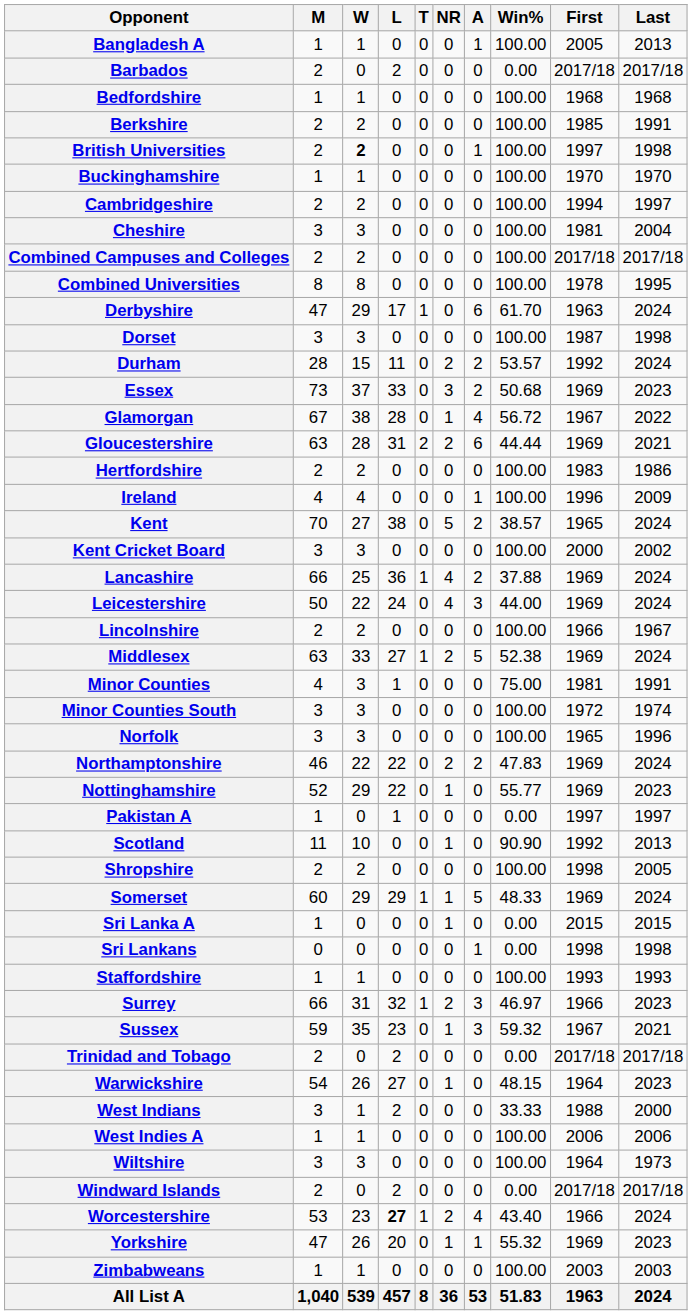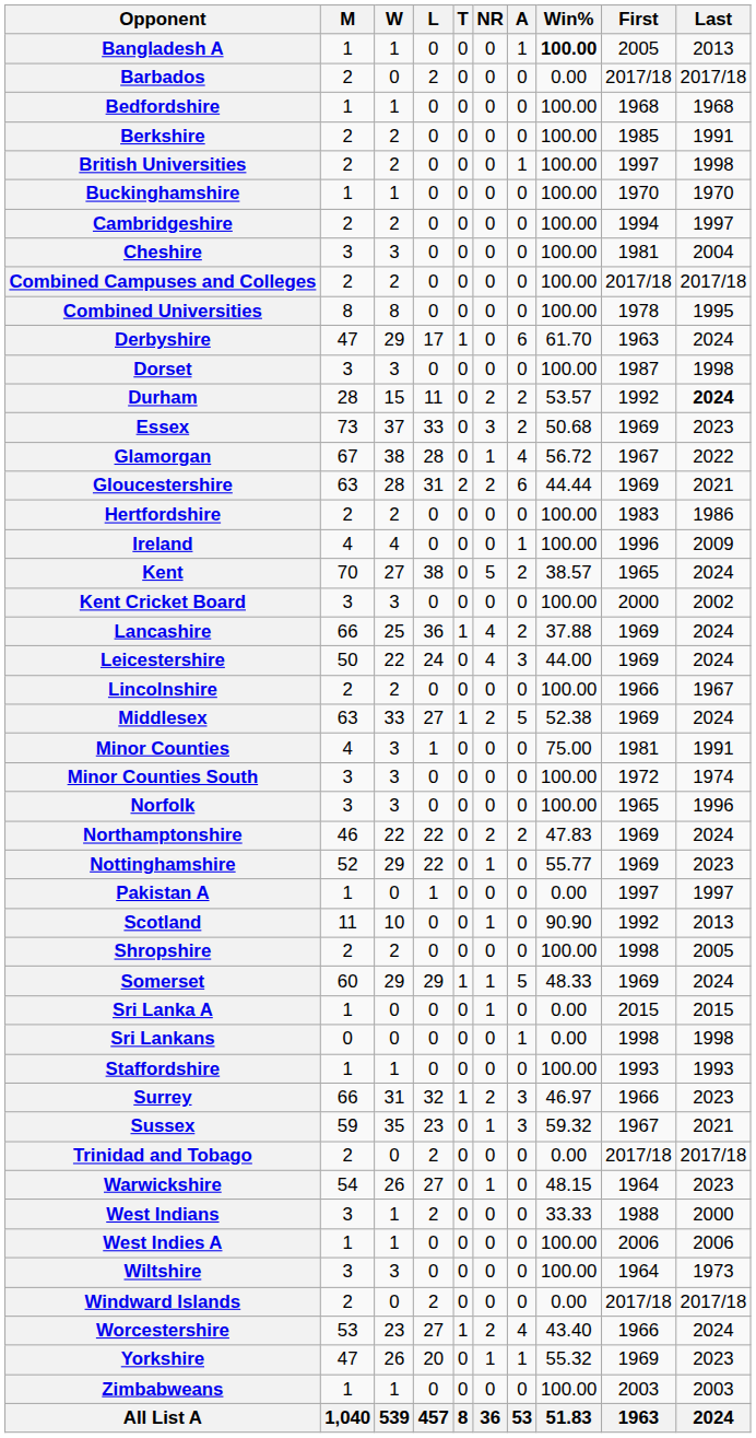 <table class="wikitable plainrowheaders sortable" style="text-align:center">
 <tr>
 <th scope="col">Opponent</th>
 <th scope="col">M</th>
 <th scope="col">W</th>
 <th scope="col">L</th>
 <th scope="col">T</th>
 <th scope="col">NR</th>
 <th scope="col">A</th>
 <th scope="col">Win%</th>
 <th scope="col">First</th>
 <th scope="col">Last</th>
 </tr>
 <tr>
 <th scope="row"><a href='#'>Bangladesh A</a></th>
 <td>1</td>
 <td>1</td>
 <td>0</td>
 <td>0</td>
 <td>0</td>
 <td>1</td>
-<td>100.00</td>
+<td><strong>100.00</strong></td>
 <td>2005</td>
 <td>2013</td>
 </tr>
 <tr>
 <th scope="row"><a href='#'>Barbados</a></th>
 <td>2</td>
 <td>0</td>
 <td>2</td>
 <td>0</td>
 <td>0</td>
 <td>0</td>
 <td>0.00</td>
 <td>2017/18</td>
 <td>2017/18</td>
 </tr>
 <tr>
 <th scope="row"><a href='#'>Bedfordshire</a></th>
 <td>1</td>
 <td>1</td>
 <td>0</td>
 <td>0</td>
 <td>0</td>
 <td>0</td>
 <td>100.00</td>
 <td>1968</td>
 <td>1968</td>
 </tr>
 <tr>
 <th scope="row"><a href='#'>Berkshire</a></th>
 <td>2</td>
 <td>2</td>
 <td>0</td>
 <td>0</td>
 <td>0</td>
 <td>0</td>
 <td>100.00</td>
 <td>1985</td>
 <td>1991</td>
 </tr>
 <tr>
 <th scope="row"><a href='#'>British Universities</a></th>
 <td>2</td>
-<td><strong>2</strong></td>
+<td>2</td>
 <td>0</td>
 <td>0</td>
 <td>0</td>
 <td>1</td>
 <td>100.00</td>
 <td>1997</td>
 <td>1998</td>
 </tr>
 <tr>
 <th scope="row"><a href='#'>Buckinghamshire</a></th>
 <td>1</td>
 <td>1</td>
 <td>0</td>
 <td>0</td>
 <td>0</td>
 <td>0</td>
 <td>100.00</td>
 <td>1970</td>
 <td>1970</td>
 </tr>
 <tr>
 <th scope="row"><a href='#'>Cambridgeshire</a></th>
 <td>2</td>
 <td>2</td>
 <td>0</td>
 <td>0</td>
 <td>0</td>
 <td>0</td>
 <td>100.00</td>
 <td>1994</td>
 <td>1997</td>
 </tr>
 <tr>
 <th scope="row"><a href='#'>Cheshire</a></th>
 <td>3</td>
 <td>3</td>
 <td>0</td>
 <td>0</td>
 <td>0</td>
 <td>0</td>
 <td>100.00</td>
 <td>1981</td>
 <td>2004</td>
 </tr>
 <tr>
 <th scope="row"><a href='#'>Combined Campuses and Colleges</a></th>
 <td>2</td>
 <td>2</td>
 <td>0</td>
 <td>0</td>
 <td>0</td>
 <td>0</td>
 <td>100.00</td>
 <td>2017/18</td>
 <td>2017/18</td>
 </tr>
 <tr>
 <th scope="row"><a href='#'>Combined Universities</a></th>
 <td>8</td>
 <td>8</td>
 <td>0</td>
 <td>0</td>
 <td>0</td>
 <td>0</td>
 <td>100.00</td>
 <td>1978</td>
 <td>1995</td>
 </tr>
 <tr>
 <th scope="row"><a href='#'>Derbyshire</a></th>
 <td>47</td>
 <td>29</td>
 <td>17</td>
 <td>1</td>
 <td>0</td>
 <td>6</td>
 <td>61.70</td>
 <td>1963</td>
 <td>2024</td>
 </tr>
 <tr>
 <th scope="row"><a href='#'>Dorset</a></th>
 <td>3</td>
 <td>3</td>
 <td>0</td>
 <td>0</td>
 <td>0</td>
 <td>0</td>
 <td>100.00</td>
 <td>1987</td>
 <td>1998</td>
 </tr>
 <tr>
 <th scope="row"><a href='#'>Durham</a></th>
 <td>28</td>
 <td>15</td>
 <td>11</td>
 <td>0</td>
 <td>2</td>
 <td>2</td>
 <td>53.57</td>
 <td>1992</td>
-<td>2024</td>
+<td><strong>2024</strong></td>
 </tr>
 <tr>
 <th scope="row"><a href='#'>Essex</a></th>
 <td>73</td>
 <td>37</td>
 <td>33</td>
 <td>0</td>
 <td>3</td>
 <td>2</td>
 <td>50.68</td>
 <td>1969</td>
 <td>2023</td>
 </tr>
 <tr>
 <th scope="row"><a href='#'>Glamorgan</a></th>
 <td>67</td>
 <td>38</td>
 <td>28</td>
 <td>0</td>
 <td>1</td>
 <td>4</td>
 <td>56.72</td>
 <td>1967</td>
 <td>2022</td>
 </tr>
 <tr>
 <th scope="row"><a href='#'>Gloucestershire</a></th>
 <td>63</td>
 <td>28</td>
 <td>31</td>
 <td>2</td>
 <td>2</td>
 <td>6</td>
 <td>44.44</td>
 <td>1969</td>
 <td>2021</td>
 </tr>
 <tr>
 <th scope="row"><a href='#'>Hertfordshire</a></th>
 <td>2</td>
 <td>2</td>
 <td>0</td>
 <td>0</td>
 <td>0</td>
 <td>0</td>
 <td>100.00</td>
 <td>1983</td>
 <td>1986</td>
 </tr>
 <tr>
 <th scope="row"><a href='#'>Ireland</a></th>
 <td>4</td>
 <td>4</td>
 <td>0</td>
 <td>0</td>
 <td>0</td>
 <td>1</td>
 <td>100.00</td>
 <td>1996</td>
 <td>2009</td>
 </tr>
 <tr>
 <th scope="row"><a href='#'>Kent</a></th>
 <td>70</td>
 <td>27</td>
 <td>38</td>
 <td>0</td>
 <td>5</td>
 <td>2</td>
 <td>38.57</td>
 <td>1965</td>
 <td>2024</td>
 </tr>
 <tr>
 <th scope="row"><a href='#'>Kent Cricket Board</a></th>
 <td>3</td>
 <td>3</td>
 <td>0</td>
 <td>0</td>
 <td>0</td>
 <td>0</td>
 <td>100.00</td>
 <td>2000</td>
 <td>2002</td>
 </tr>
 <tr>
 <th scope="row"><a href='#'>Lancashire</a></th>
 <td>66</td>
 <td>25</td>
 <td>36</td>
 <td>1</td>
 <td>4</td>
 <td>2</td>
 <td>37.88</td>
 <td>1969</td>
 <td>2024</td>
 </tr>
 <tr>
 <th scope="row"><a href='#'>Leicestershire</a></th>
 <td>50</td>
 <td>22</td>
 <td>24</td>
 <td>0</td>
 <td>4</td>
 <td>3</td>
 <td>44.00</td>
 <td>1969</td>
 <td>2024</td>
 </tr>
 <tr>
 <th scope="row"><a href='#'>Lincolnshire</a></th>
 <td>2</td>
 <td>2</td>
 <td>0</td>
 <td>0</td>
 <td>0</td>
 <td>0</td>
 <td>100.00</td>
 <td>1966</td>
 <td>1967</td>
 </tr>
 <tr>
 <th scope="row"><a href='#'>Middlesex</a></th>
 <td>63</td>
 <td>33</td>
 <td>27</td>
 <td>1</td>
 <td>2</td>
 <td>5</td>
 <td>52.38</td>
 <td>1969</td>
 <td>2024</td>
 </tr>
 <tr>
 <th scope="row"><a href='#'>Minor Counties</a></th>
 <td>4</td>
 <td>3</td>
 <td>1</td>
 <td>0</td>
 <td>0</td>
 <td>0</td>
 <td>75.00</td>
 <td>1981</td>
 <td>1991</td>
 </tr>
 <tr>
 <th scope="row"><a href='#'>Minor Counties South</a></th>
 <td>3</td>
 <td>3</td>
 <td>0</td>
 <td>0</td>
 <td>0</td>
 <td>0</td>
 <td>100.00</td>
 <td>1972</td>
 <td>1974</td>
 </tr>
 <tr>
 <th scope="row"><a href='#'>Norfolk</a></th>
 <td>3</td>
 <td>3</td>
 <td>0</td>
 <td>0</td>
 <td>0</td>
 <td>0</td>
 <td>100.00</td>
 <td>1965</td>
 <td>1996</td>
 </tr>
 <tr>
 <th scope="row"><a href='#'>Northamptonshire</a></th>
 <td>46</td>
 <td>22</td>
 <td>22</td>
 <td>0</td>
 <td>2</td>
 <td>2</td>
 <td>47.83</td>
 <td>1969</td>
 <td>2024</td>
 </tr>
 <tr>
 <th scope="row"><a href='#'>Nottinghamshire</a></th>
 <td>52</td>
 <td>29</td>
 <td>22</td>
 <td>0</td>
 <td>1</td>
 <td>0</td>
 <td>55.77</td>
 <td>1969</td>
 <td>2023</td>
 </tr>
 <tr>
 <th scope="row"><a href='#'>Pakistan A</a></th>
 <td>1</td>
 <td>0</td>
 <td>1</td>
 <td>0</td>
 <td>0</td>
 <td>0</td>
 <td>0.00</td>
 <td>1997</td>
 <td>1997</td>
 </tr>
 <tr>
 <th scope="row"><a href='#'>Scotland</a></th>
 <td>11</td>
 <td>10</td>
 <td>0</td>
 <td>0</td>
 <td>1</td>
 <td>0</td>
 <td>90.90</td>
 <td>1992</td>
 <td>2013</td>
 </tr>
 <tr>
 <th scope="row"><a href='#'>Shropshire</a></th>
 <td>2</td>
 <td>2</td>
 <td>0</td>
 <td>0</td>
 <td>0</td>
 <td>0</td>
 <td>100.00</td>
 <td>1998</td>
 <td>2005</td>
 </tr>
 <tr>
 <th scope="row"><a href='#'>Somerset</a></th>
 <td>60</td>
 <td>29</td>
 <td>29</td>
 <td>1</td>
 <td>1</td>
 <td>5</td>
 <td>48.33</td>
 <td>1969</td>
 <td>2024</td>
 </tr>
 <tr>
 <th scope="row"><a href='#'>Sri Lanka A</a></th>
 <td>1</td>
 <td>0</td>
 <td>0</td>
 <td>0</td>
 <td>1</td>
 <td>0</td>
 <td>0.00</td>
 <td>2015</td>
 <td>2015</td>
 </tr>
 <tr>
 <th scope="row"><a href='#'>Sri Lankans</a></th>
 <td>0</td>
 <td>0</td>
 <td>0</td>
 <td>0</td>
 <td>0</td>
 <td>1</td>
 <td>0.00</td>
 <td>1998</td>
 <td>1998</td>
 </tr>
 <tr>
 <th scope="row"><a href='#'>Staffordshire</a></th>
 <td>1</td>
 <td>1</td>
 <td>0</td>
 <td>0</td>
 <td>0</td>
 <td>0</td>
 <td>100.00</td>
 <td>1993</td>
 <td>1993</td>
 </tr>
 <tr>
 <th scope="row"><a href='#'>Surrey</a></th>
 <td>66</td>
 <td>31</td>
 <td>32</td>
 <td>1</td>
 <td>2</td>
 <td>3</td>
 <td>46.97</td>
 <td>1966</td>
 <td>2023</td>
 </tr>
 <tr>
 <th scope="row"><a href='#'>Sussex</a></th>
 <td>59</td>
 <td>35</td>
 <td>23</td>
 <td>0</td>
 <td>1</td>
 <td>3</td>
 <td>59.32</td>
 <td>1967</td>
 <td>2021</td>
 </tr>
 <tr>
 <th scope="row"><a href='#'>Trinidad and Tobago</a></th>
 <td>2</td>
 <td>0</td>
 <td>2</td>
 <td>0</td>
 <td>0</td>
 <td>0</td>
 <td>0.00</td>
 <td>2017/18</td>
 <td>2017/18</td>
 </tr>
 <tr>
 <th scope="row"><a href='#'>Warwickshire</a></th>
 <td>54</td>
 <td>26</td>
 <td>27</td>
 <td>0</td>
 <td>1</td>
 <td>0</td>
 <td>48.15</td>
 <td>1964</td>
 <td>2023</td>
 </tr>
 <tr>
 <th scope="row"><a href='#'>West Indians</a></th>
 <td>3</td>
 <td>1</td>
 <td>2</td>
 <td>0</td>
 <td>0</td>
 <td>0</td>
 <td>33.33</td>
 <td>1988</td>
 <td>2000</td>
 </tr>
 <tr>
 <th scope="row"><a href='#'>West Indies A</a></th>
 <td>1</td>
 <td>1</td>
 <td>0</td>
 <td>0</td>
 <td>0</td>
 <td>0</td>
 <td>100.00</td>
 <td>2006</td>
 <td>2006</td>
 </tr>
 <tr>
 <th scope="row"><a href='#'>Wiltshire</a></th>
 <td>3</td>
 <td>3</td>
 <td>0</td>
 <td>0</td>
 <td>0</td>
 <td>0</td>
 <td>100.00</td>
 <td>1964</td>
 <td>1973</td>
 </tr>
 <tr>
 <th scope="row"><a href='#'>Windward Islands</a></th>
 <td>2</td>
 <td>0</td>
 <td>2</td>
 <td>0</td>
 <td>0</td>
 <td>0</td>
 <td>0.00</td>
 <td>2017/18</td>
 <td>2017/18</td>
 </tr>
 <tr>
 <th scope="row"><a href='#'>Worcestershire</a></th>
 <td>53</td>
 <td>23</td>
-<td><strong>27</strong></td>
+<td>27</td>
 <td>1</td>
 <td>2</td>
 <td>4</td>
 <td>43.40</td>
 <td>1966</td>
 <td>2024</td>
 </tr>
 <tr>
 <th scope="row"><a href='#'>Yorkshire</a></th>
 <td>47</td>
 <td>26</td>
 <td>20</td>
 <td>0</td>
 <td>1</td>
 <td>1</td>
 <td>55.32</td>
 <td>1969</td>
 <td>2023</td>
 </tr>
 <tr>
 <th scope="row"><a href='#'>Zimbabweans</a></th>
 <td>1</td>
 <td>1</td>
 <td>0</td>
 <td>0</td>
 <td>0</td>
 <td>0</td>
 <td>100.00</td>
 <td>2003</td>
 <td>2003</td>
 </tr>
 <tr>
 <th>All List A</th>
 <th>1,040</th>
 <th>539</th>
 <th>457</th>
 <th>8</th>
 <th>36</th>
 <th>53</th>
 <th>51.83</th>
 <th>1963</th>
 <th>2024</th>
 </tr>
 </table>
